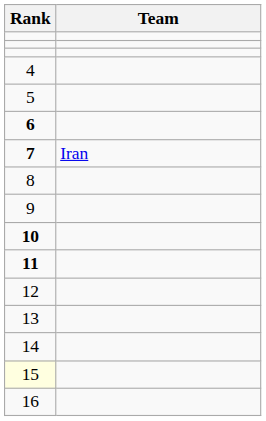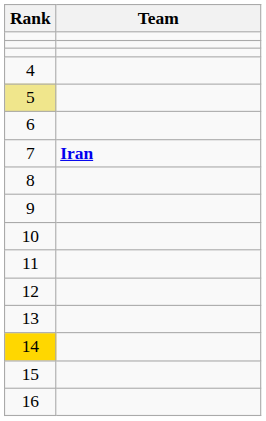 <table class="wikitable" style="text-align: center;">
 <tr>
 <th width=40>Rank</th>
 <th width=180>Team</th>
 </tr>
 <tr>
 <td></td>
 <td style="text-align: left;"></td>
 </tr>
 <tr>
 <td></td>
 <td style="text-align: left;"></td>
 </tr>
 <tr>
 <td></td>
 <td style="text-align: left;"></td>
 </tr>
 <tr>
 <td>4</td>
 <td style="text-align: left;"></td>
 </tr>
 <tr>
-<td>5</td>
+<td style="background: khaki;">5</td>
 <td style="text-align: left;"></td>
 </tr>
 <tr>
-<td><strong>6</strong></td>
+<td>6</td>
 <td style="text-align: left;"></td>
 </tr>
 <tr>
-<td><strong>7</strong></td>
-<td style="text-align: left;"> <a href='#'>Iran</a></td>
+<td>7</td>
+<td style="text-align: left;"><strong> <a href='#'>Iran</a></strong></td>
 </tr>
 <tr>
 <td>8</td>
 <td style="text-align: left;"></td>
 </tr>
 <tr>
 <td>9</td>
 <td style="text-align: left;"></td>
 </tr>
 <tr>
-<td><strong>10</strong></td>
+<td>10</td>
 <td style="text-align: left;"></td>
 </tr>
 <tr>
-<td><strong>11</strong></td>
+<td>11</td>
 <td style="text-align: left;"></td>
 </tr>
 <tr>
 <td>12</td>
 <td style="text-align: left;"></td>
 </tr>
 <tr>
 <td>13</td>
 <td style="text-align: left;"></td>
 </tr>
 <tr>
-<td>14</td>
+<td style="background: gold;">14</td>
 <td style="text-align: left;"></td>
 </tr>
 <tr>
-<td style="background: lightyellow;">15</td>
+<td>15</td>
 <td style="text-align: left;"></td>
 </tr>
 <tr>
 <td>16</td>
 <td style="text-align: left;"></td>
 </tr>
 </table>
